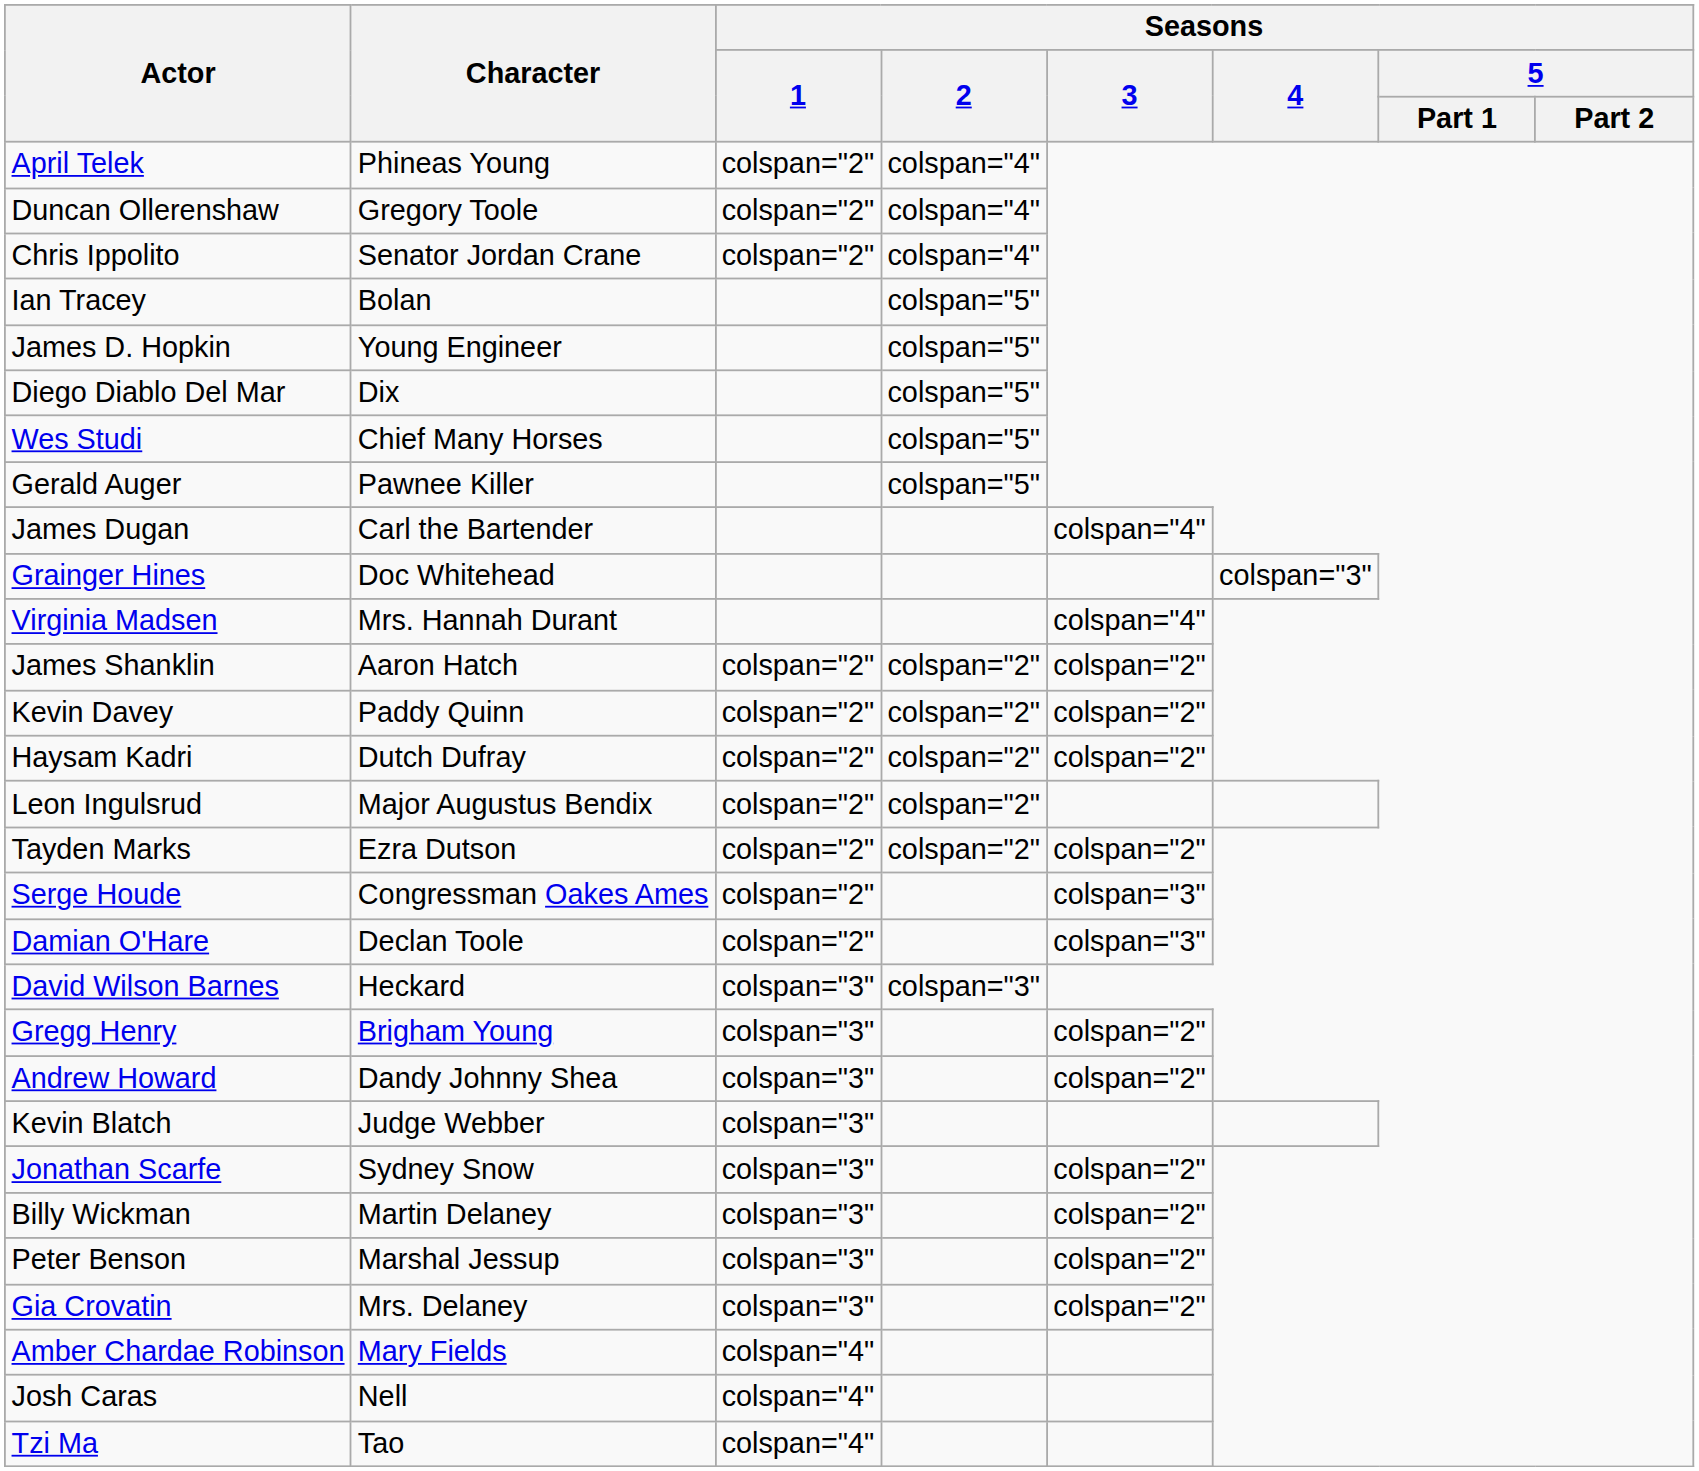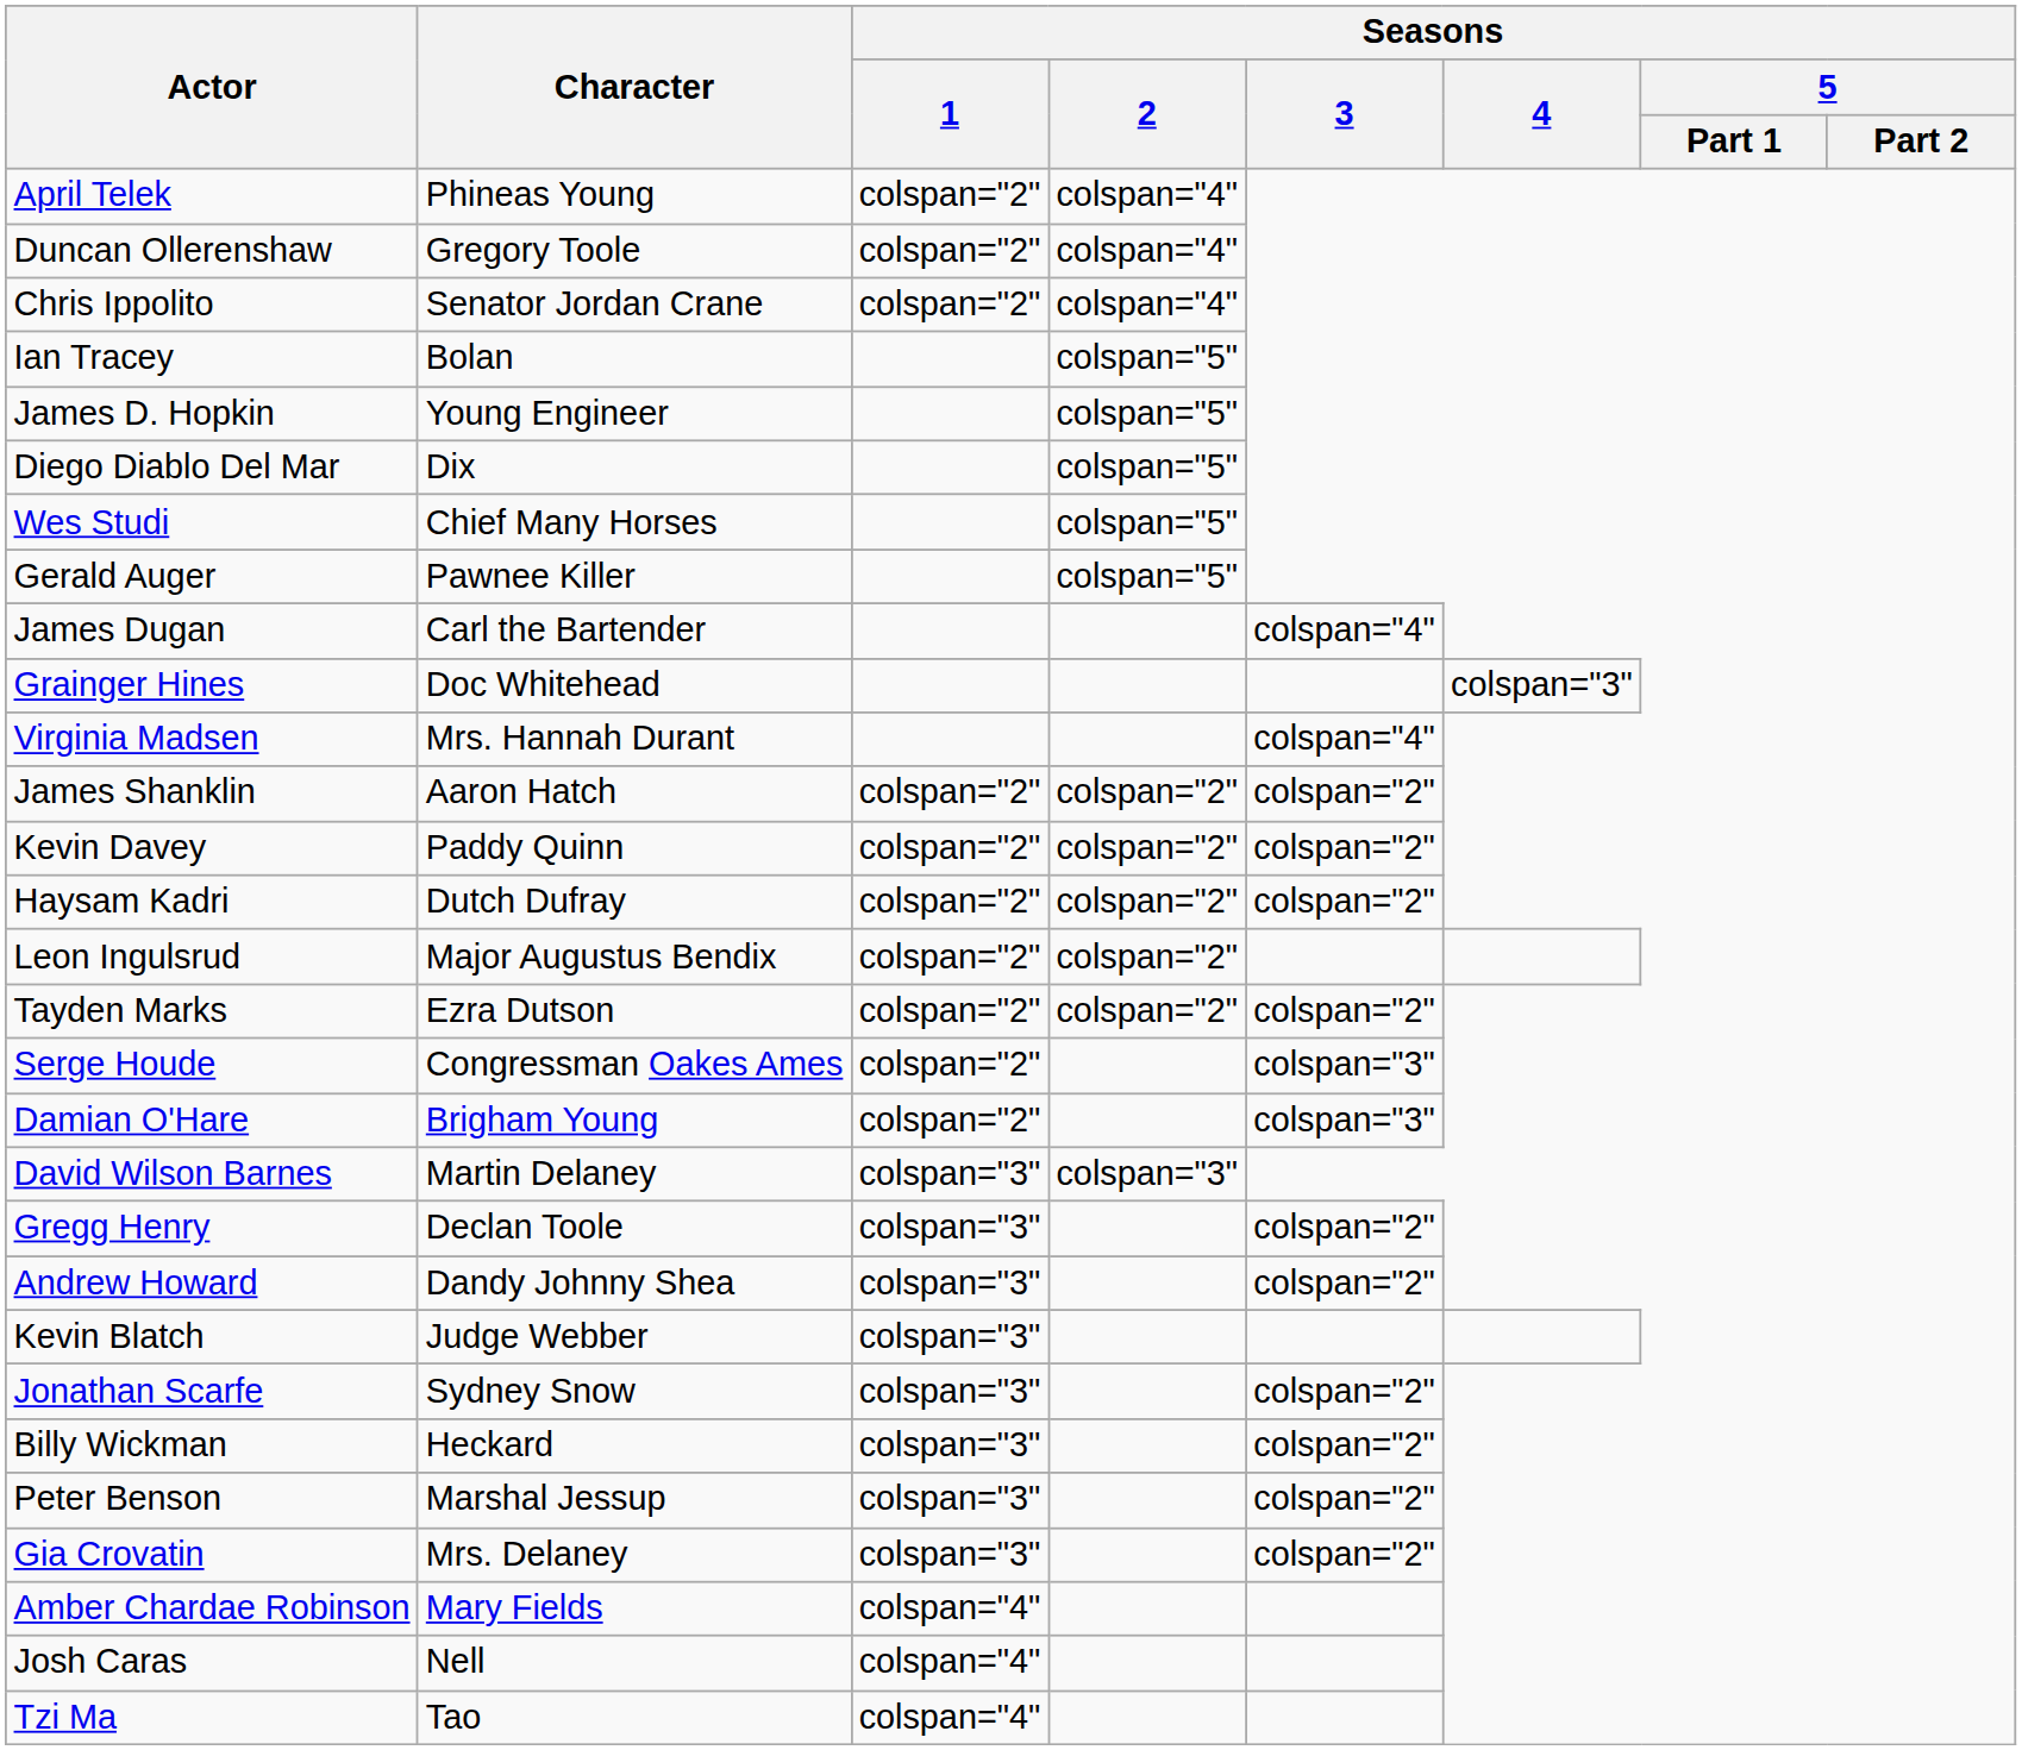 <table class="wikitable">
 <tr>
 <th rowspan="3">Actor</th>
 <th rowspan="3">Character</th>
 <th colspan="6">Seasons</th>
 </tr>
 <tr>
 <th rowspan="2" style="width:80px;"><a href='#'>1</a></th>
 <th rowspan="2" style="width:80px;"><a href='#'>2</a></th>
 <th rowspan="2" style="width:80px;"><a href='#'>3</a></th>
 <th rowspan="2" style="width:80px;"><a href='#'>4</a></th>
 <th colspan="2" style="width:160px;"><a href='#'>5</a></th>
 </tr>
 <tr>
 <th style="width:80px;">Part 1</th>
 <th style="width:80px;">Part 2</th>
 </tr>
 <tr>
 <td><a href='#'>April Telek</a></td>
 <td>Phineas Young</td>
 <td>colspan="2" </td>
 <td>colspan="4" </td>
 </tr>
 <tr>
 <td>Duncan Ollerenshaw</td>
 <td>Gregory Toole</td>
 <td>colspan="2" </td>
 <td>colspan="4" </td>
 </tr>
 <tr>
 <td>Chris Ippolito</td>
 <td>Senator Jordan Crane</td>
 <td>colspan="2" </td>
 <td>colspan="4" </td>
 </tr>
 <tr>
 <td>Ian Tracey</td>
 <td>Bolan</td>
 <td></td>
 <td>colspan="5" </td>
 </tr>
 <tr>
 <td>James D. Hopkin</td>
 <td>Young Engineer</td>
 <td></td>
 <td>colspan="5" </td>
 </tr>
 <tr>
 <td>Diego Diablo Del Mar</td>
 <td>Dix</td>
 <td></td>
 <td>colspan="5" </td>
 </tr>
 <tr>
 <td><a href='#'>Wes Studi</a></td>
 <td>Chief Many Horses</td>
 <td></td>
 <td>colspan="5" </td>
 </tr>
 <tr>
 <td>Gerald Auger</td>
 <td>Pawnee Killer</td>
 <td></td>
 <td>colspan="5" </td>
 </tr>
 <tr>
 <td>James Dugan</td>
 <td>Carl the Bartender</td>
 <td></td>
 <td></td>
 <td>colspan="4" </td>
 </tr>
 <tr>
 <td><a href='#'>Grainger Hines</a></td>
 <td>Doc Whitehead</td>
 <td></td>
 <td></td>
 <td></td>
 <td>colspan="3" </td>
 </tr>
 <tr>
 <td><a href='#'>Virginia Madsen</a></td>
 <td>Mrs. Hannah Durant</td>
 <td></td>
 <td></td>
 <td>colspan="4" </td>
 </tr>
 <tr>
 <td>James Shanklin</td>
 <td>Aaron Hatch</td>
 <td>colspan="2" </td>
 <td>colspan="2" </td>
 <td>colspan="2" </td>
 </tr>
 <tr>
 <td>Kevin Davey</td>
 <td>Paddy Quinn</td>
 <td>colspan="2" </td>
 <td>colspan="2" </td>
 <td>colspan="2" </td>
 </tr>
 <tr>
 <td>Haysam Kadri</td>
 <td>Dutch Dufray</td>
 <td>colspan="2" </td>
 <td>colspan="2" </td>
 <td>colspan="2" </td>
 </tr>
 <tr>
 <td>Leon Ingulsrud</td>
 <td>Major Augustus Bendix</td>
 <td>colspan="2" </td>
 <td>colspan="2" </td>
 <td></td>
 <td></td>
 </tr>
 <tr>
 <td>Tayden Marks</td>
 <td>Ezra Dutson</td>
 <td>colspan="2" </td>
 <td>colspan="2" </td>
 <td>colspan="2" </td>
 </tr>
 <tr>
 <td><a href='#'>Serge Houde</a></td>
 <td>Congressman <a href='#'>Oakes Ames</a></td>
 <td>colspan="2" </td>
 <td></td>
 <td>colspan="3" </td>
 </tr>
 <tr>
 <td><a href='#'>Damian O'Hare</a></td>
-<td>Declan Toole</td>
+<td><a href='#'>Brigham Young</a></td>
 <td>colspan="2" </td>
 <td></td>
 <td>colspan="3" </td>
 </tr>
 <tr>
 <td><a href='#'>David Wilson Barnes</a></td>
-<td>Heckard</td>
+<td>Martin Delaney</td>
 <td>colspan="3" </td>
 <td>colspan="3" </td>
 </tr>
 <tr>
 <td><a href='#'>Gregg Henry</a></td>
-<td><a href='#'>Brigham Young</a></td>
+<td>Declan Toole</td>
 <td>colspan="3" </td>
 <td></td>
 <td>colspan="2" </td>
 </tr>
 <tr>
 <td><a href='#'>Andrew Howard</a></td>
 <td>Dandy Johnny Shea</td>
 <td>colspan="3" </td>
 <td></td>
 <td>colspan="2" </td>
 </tr>
 <tr>
 <td>Kevin Blatch</td>
 <td>Judge Webber</td>
 <td>colspan="3" </td>
 <td></td>
 <td></td>
 <td></td>
 </tr>
 <tr>
 <td><a href='#'>Jonathan Scarfe</a></td>
 <td>Sydney Snow</td>
 <td>colspan="3" </td>
 <td></td>
 <td>colspan="2" </td>
 </tr>
 <tr>
 <td>Billy Wickman</td>
-<td>Martin Delaney</td>
+<td>Heckard</td>
 <td>colspan="3" </td>
 <td></td>
 <td>colspan="2" </td>
 </tr>
 <tr>
 <td>Peter Benson</td>
 <td>Marshal Jessup</td>
 <td>colspan="3" </td>
 <td></td>
 <td>colspan="2" </td>
 </tr>
 <tr>
 <td><a href='#'>Gia Crovatin</a></td>
 <td>Mrs. Delaney</td>
 <td>colspan="3" </td>
 <td></td>
 <td>colspan="2" </td>
 </tr>
 <tr>
 <td><a href='#'>Amber Chardae Robinson</a></td>
 <td><a href='#'>Mary Fields</a></td>
 <td>colspan="4" </td>
 <td></td>
 <td></td>
 </tr>
 <tr>
 <td>Josh Caras</td>
 <td>Nell</td>
 <td>colspan="4" </td>
 <td></td>
 <td></td>
 </tr>
 <tr>
 <td><a href='#'>Tzi Ma</a></td>
 <td>Tao</td>
 <td>colspan="4" </td>
 <td></td>
 <td></td>
 </tr>
 <tr>
 </tr>
 </table>
